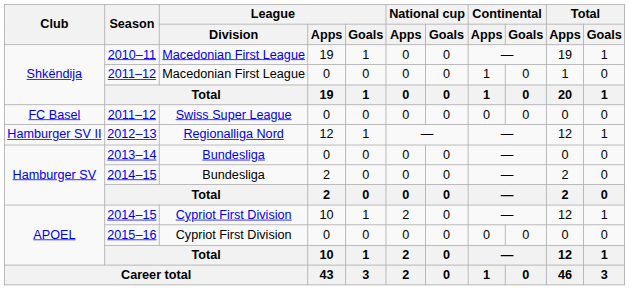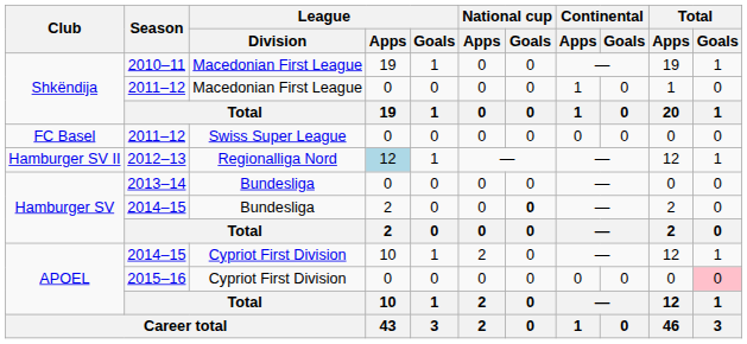 <table class="wikitable" style="text-align:center">
 <tr>
 <th rowspan="2">Club</th>
 <th rowspan="2">Season</th>
 <th colspan="3">League</th>
 <th colspan="2">National cup</th>
 <th colspan="2">Continental</th>
 <th colspan="2">Total</th>
 </tr>
 <tr>
 <th>Division</th>
 <th>Apps</th>
 <th>Goals</th>
 <th>Apps</th>
 <th>Goals</th>
 <th>Apps</th>
 <th>Goals</th>
 <th>Apps</th>
 <th>Goals</th>
 </tr>
 <tr>
 <td rowspan="3"><a href='#'>Shkëndija</a></td>
 <td><a href='#'>2010–11</a></td>
 <td><a href='#'>Macedonian First League</a></td>
 <td>19</td>
 <td>1</td>
 <td>0</td>
 <td>0</td>
 <td colspan="2">—</td>
 <td>19</td>
 <td>1</td>
 </tr>
 <tr>
 <td><a href='#'>2011–12</a></td>
 <td>Macedonian First League</td>
 <td>0</td>
 <td>0</td>
 <td>0</td>
 <td>0</td>
 <td>1</td>
 <td>0</td>
 <td>1</td>
 <td>0</td>
 </tr>
 <tr>
 <th colspan="2">Total</th>
 <th>19</th>
 <th>1</th>
 <th>0</th>
 <th>0</th>
 <th>1</th>
 <th>0</th>
 <th>20</th>
 <th>1</th>
 </tr>
 <tr>
 <td><a href='#'>FC Basel</a></td>
 <td><a href='#'>2011–12</a></td>
 <td><a href='#'>Swiss Super League</a></td>
 <td>0</td>
 <td>0</td>
 <td>0</td>
 <td>0</td>
 <td>0</td>
 <td>0</td>
 <td>0</td>
 <td>0</td>
 </tr>
 <tr>
 <td><a href='#'>Hamburger SV II</a></td>
 <td><a href='#'>2012–13</a></td>
 <td><a href='#'>Regionalliga Nord</a></td>
-<td>12</td>
+<td style="background: lightblue;">12</td>
 <td>1</td>
 <td colspan="2">—</td>
 <td colspan="2">—</td>
 <td>12</td>
 <td>1</td>
 </tr>
 <tr>
 <td rowspan="3"><a href='#'>Hamburger SV</a></td>
 <td><a href='#'>2013–14</a></td>
 <td><a href='#'>Bundesliga</a></td>
 <td>0</td>
 <td>0</td>
 <td>0</td>
 <td>0</td>
 <td colspan="2">—</td>
 <td>0</td>
 <td>0</td>
 </tr>
 <tr>
 <td><a href='#'>2014–15</a></td>
 <td>Bundesliga</td>
 <td>2</td>
 <td>0</td>
 <td>0</td>
-<td>0</td>
+<td><strong>0</strong></td>
 <td colspan="2">—</td>
 <td>2</td>
 <td>0</td>
 </tr>
 <tr>
 <th colspan="2">Total</th>
 <th>2</th>
 <th>0</th>
 <th>0</th>
 <th>0</th>
 <th colspan="2">—</th>
 <th>2</th>
 <th>0</th>
 </tr>
 <tr>
 <td rowspan="3"><a href='#'>APOEL</a></td>
 <td><a href='#'>2014–15</a></td>
 <td><a href='#'>Cypriot First Division</a></td>
 <td>10</td>
 <td>1</td>
 <td>2</td>
 <td>0</td>
 <td colspan="2">—</td>
 <td>12</td>
 <td>1</td>
 </tr>
 <tr>
 <td><a href='#'>2015–16</a></td>
 <td>Cypriot First Division</td>
 <td>0</td>
 <td>0</td>
 <td>0</td>
 <td>0</td>
 <td>0</td>
 <td>0</td>
 <td>0</td>
-<td>0</td>
+<td style="background: pink;">0</td>
 </tr>
 <tr>
 <th colspan="2">Total</th>
 <th>10</th>
 <th>1</th>
 <th>2</th>
 <th>0</th>
 <th colspan="2">—</th>
 <th>12</th>
 <th>1</th>
 </tr>
 <tr>
 <th colspan="3">Career total</th>
 <th>43</th>
 <th>3</th>
 <th>2</th>
 <th>0</th>
 <th>1</th>
 <th>0</th>
 <th>46</th>
 <th>3</th>
 </tr>
 </table>
